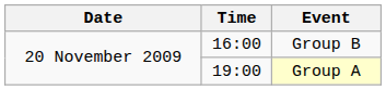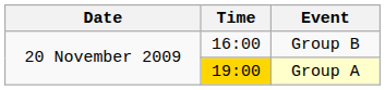 <table class = "wikitable" style="text-align:center;">
 <tr>
 <th width=150>Date</th>
 <th width=50>Time</th>
 <th width=80>Event</th>
 </tr>
 <tr>
 <td rowspan=2>20 November 2009</td>
 <td>16:00</td>
 <td>Group B</td>
 </tr>
 <tr>
-<td>19:00</td>
+<td style="background: gold;">19:00</td>
 <td bgcolor=ffffcc>Group A</td>
 </tr>
 </table>
